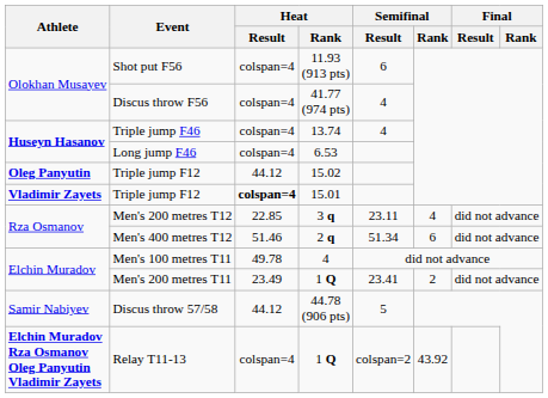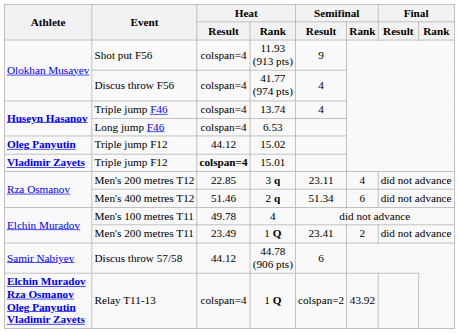 <table class="wikitable">
 <tr>
 <th rowspan="2">Athlete</th>
 <th rowspan="2">Event</th>
 <th colspan="2">Heat</th>
 <th colspan="2">Semifinal</th>
 <th colspan="2">Final</th>
 </tr>
 <tr>
 <th>Result</th>
 <th>Rank</th>
 <th>Result</th>
 <th>Rank</th>
 <th>Result</th>
 <th>Rank</th>
 </tr>
 <tr align=center>
 <td align=left rowspan="2"><a href='#'>Olokhan Musayev</a></td>
 <td align=left>Shot put F56</td>
 <td>colspan=4 </td>
 <td>11.93<br>(913 pts)</td>
-<td>6</td>
+<td>9</td>
 </tr>
 <tr align=center>
 <td align=left>Discus throw F56</td>
 <td>colspan=4 </td>
 <td>41.77<br>(974 pts)</td>
 <td>4</td>
 </tr>
 <tr align=center>
 <td align=left rowspan="2"><strong><a href='#'>Huseyn Hasanov</a></strong></td>
 <td align=left>Triple jump <a href='#'>F46</a></td>
 <td>colspan=4 </td>
 <td>13.74</td>
 <td>4</td>
 </tr>
 <tr align=center>
 <td align=left>Long jump <a href='#'>F46</a></td>
 <td>colspan=4 </td>
 <td>6.53</td>
 <td></td>
 </tr>
 <tr align=center>
 <td align=left rowspan="1"><strong><a href='#'>Oleg Panyutin</a></strong></td>
 <td align=left>Triple jump F12</td>
 <td>44.12</td>
 <td>15.02</td>
 <td></td>
 </tr>
 <tr align=center>
 <td align=left rowspan="1"><strong><a href='#'>Vladimir Zayets</a></strong></td>
 <td align=left>Triple jump F12</td>
 <td><strong>colspan=4 </strong></td>
 <td>15.01</td>
 <td></td>
 </tr>
 <tr align=center>
 <td align=left rowspan="2"><a href='#'>Rza Osmanov</a></td>
 <td align=left>Men's 200 metres T12</td>
 <td>22.85</td>
 <td>3 <strong>q</strong></td>
 <td>23.11</td>
 <td>4</td>
 <td colspan=2>did not advance</td>
 </tr>
 <tr align=center>
 <td align=left>Men's 400 metres T12</td>
 <td>51.46</td>
 <td>2 <strong>q</strong></td>
 <td>51.34</td>
 <td>6</td>
 <td colspan=2>did not advance</td>
 </tr>
 <tr align=center>
 <td align=left rowspan="2"><a href='#'>Elchin Muradov</a></td>
 <td align=left>Men's 100 metres T11</td>
 <td>49.78</td>
 <td>4</td>
 <td colspan=4>did not advance</td>
 </tr>
 <tr align=center>
 <td align=left>Men's 200 metres T11</td>
 <td>23.49</td>
 <td>1 <strong>Q</strong></td>
 <td>23.41</td>
 <td>2</td>
 <td colspan=2>did not advance</td>
 </tr>
 <tr align=center>
 <td align=left><a href='#'>Samir Nabiyev</a></td>
 <td align=left>Discus throw 57/58</td>
 <td>44.12</td>
 <td>44.78<br>(906 pts)</td>
-<td>5</td>
+<td>6</td>
 </tr>
 <tr align=center>
 <td align=left><strong><a href='#'>Elchin Muradov</a><br><a href='#'>Rza Osmanov</a><br><a href='#'>Oleg Panyutin</a><br><a href='#'>Vladimir Zayets</a></strong></td>
 <td align=left>Relay T11-13</td>
 <td>colspan=4 </td>
 <td>1 <strong>Q</strong></td>
 <td>colspan=2 </td>
 <td>43.92</td>
 <td></td>
 </tr>
 </table>
